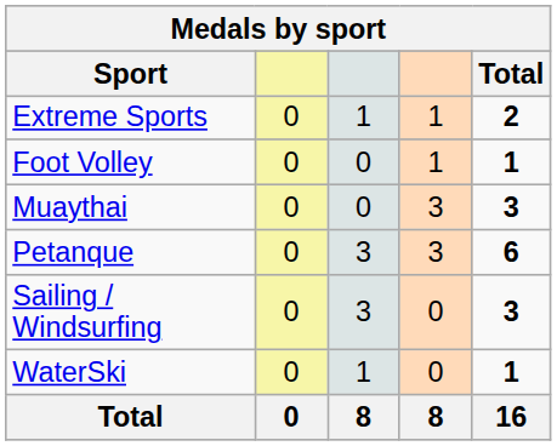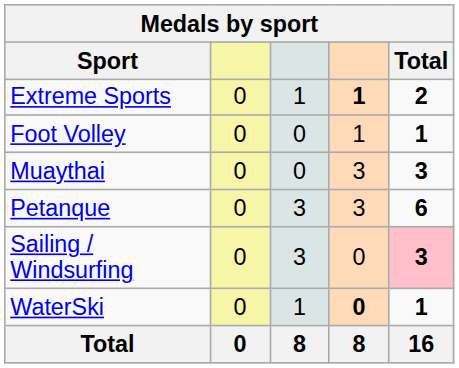 <table class="wikitable" style="font-size:90%; text-align:center;">
 <tr>
 <th colspan=5>Medals by sport</th>
 </tr>
 <tr>
 <th width=120>Sport</th>
 <th scope="col" width=30 style="background:#F7F6A8;"></th>
 <th scope="col" width=30 style="background:#DCE5E5;"></th>
 <th scope="col" width=30 style="background:#FFDAB9;"></th>
 <th width=30>Total</th>
 </tr>
 <tr>
 <td align=left> <a href='#'>Extreme Sports</a></td>
 <td style="background:#F7F6A8;">0</td>
 <td style="background:#DCE5E5;">1</td>
-<td style="background:#FFDAB9;">1</td>
+<td style="background:#FFDAB9;"><strong>1</strong></td>
 <td><strong>2</strong></td>
 </tr>
 <tr>
 <td align=left> <a href='#'>Foot Volley</a></td>
 <td style="background:#F7F6A8;">0</td>
 <td style="background:#DCE5E5;">0</td>
 <td style="background:#FFDAB9;">1</td>
 <td><strong>1</strong></td>
 </tr>
 <tr>
 <td align=left> <a href='#'>Muaythai</a></td>
 <td style="background:#F7F6A8;">0</td>
 <td style="background:#DCE5E5;">0</td>
 <td style="background:#FFDAB9;">3</td>
 <td><strong>3</strong></td>
 </tr>
 <tr>
 <td align=left> <a href='#'>Petanque</a></td>
 <td style="background:#F7F6A8;">0</td>
 <td style="background:#DCE5E5;">3</td>
 <td style="background:#FFDAB9;">3</td>
 <td><strong>6</strong></td>
 </tr>
 <tr>
 <td align=left> <a href='#'>Sailing / Windsurfing</a></td>
 <td style="background:#F7F6A8;">0</td>
 <td style="background:#DCE5E5;">3</td>
 <td style="background:#FFDAB9;">0</td>
-<td><strong>3</strong></td>
+<td style="background: pink;"><strong>3</strong></td>
 </tr>
 <tr>
 <td align=left> <a href='#'>WaterSki</a></td>
 <td style="background:#F7F6A8;">0</td>
 <td style="background:#DCE5E5;">1</td>
-<td style="background:#FFDAB9;">0</td>
+<td style="background:#FFDAB9;"><strong>0</strong></td>
 <td><strong>1</strong></td>
 </tr>
 <tr class="sortbottom">
 <th>Total</th>
 <th>0</th>
 <th>8</th>
 <th>8</th>
 <th>16</th>
 </tr>
 </table>
